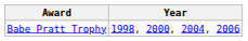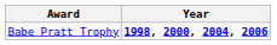 <table class="wikitable" border="1">
 <tr>
 <th>Award</th>
 <th>Year</th>
 </tr>
 <tr>
 <td><a href='#'>Babe Pratt Trophy</a></td>
-<td><a href='#'>1998</a>, <a href='#'>2000</a>, <a href='#'>2004</a>, <a href='#'>2006</a></td>
+<td><strong><a href='#'>1998</a>, <a href='#'>2000</a>, <a href='#'>2004</a>, <a href='#'>2006</a></strong></td>
 </tr>
 </table>
